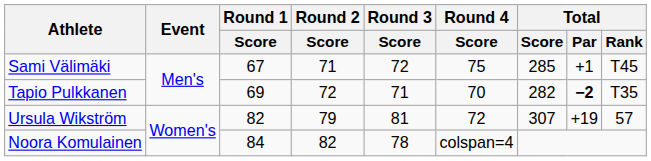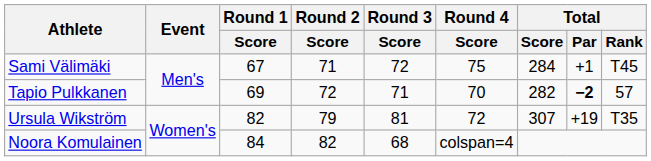 <table class=wikitable style=font-size:90%;text-align:center>
 <tr>
 <th rowspan=2>Athlete</th>
 <th rowspan=2>Event</th>
 <th>Round 1</th>
 <th>Round 2</th>
 <th>Round 3</th>
 <th>Round 4</th>
 <th colspan=3>Total</th>
 </tr>
 <tr style=font-size:95%>
 <th>Score</th>
 <th>Score</th>
 <th>Score</th>
 <th>Score</th>
 <th>Score</th>
 <th>Par</th>
 <th>Rank</th>
 </tr>
 <tr>
 <td align=left><a href='#'>Sami Välimäki</a></td>
 <td rowspan="2"><a href='#'>Men's</a></td>
 <td>67</td>
 <td>71</td>
 <td>72</td>
 <td>75</td>
-<td>285</td>
+<td>284</td>
 <td>+1</td>
 <td>T45</td>
 </tr>
 <tr>
 <td align=left><a href='#'>Tapio Pulkkanen</a></td>
 <td>69</td>
 <td>72</td>
 <td>71</td>
 <td>70</td>
 <td>282</td>
 <td><strong>−2</strong></td>
-<td>T35</td>
+<td>57</td>
 </tr>
 <tr>
 <td align=left><a href='#'>Ursula Wikström</a></td>
 <td rowspan="2"><a href='#'>Women's</a></td>
 <td>82</td>
 <td>79</td>
 <td>81</td>
 <td>72</td>
 <td>307</td>
 <td>+19</td>
-<td>57</td>
+<td>T35</td>
 </tr>
 <tr>
 <td align=left><a href='#'>Noora Komulainen</a></td>
 <td>84</td>
 <td>82</td>
-<td>78</td>
+<td>68</td>
 <td>colspan=4 </td>
 </tr>
 </table>
